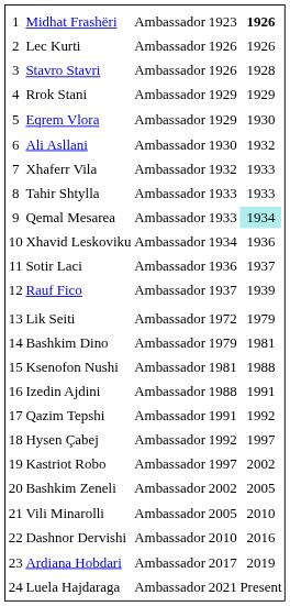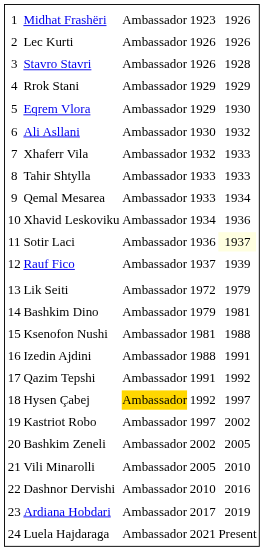 <table cellpadding="0" cellspacing="3" style="border:1px solid #000000; font-size:88%; line-height: 1.5em;">
 <tr>
 <td><strong></strong></td>
 <td><strong></strong></td>
 <td><strong></strong></td>
 <td colspan="2"></td>
 </tr>
 <tr>
 <td align=center>1</td>
 <td><a href='#'>Midhat Frashëri</a></td>
 <td>Ambassador</td>
 <td align=center>1923</td>
-<td align=center><strong>1926</strong></td>
+<td align=center>1926</td>
 </tr>
 <tr>
 <td align=center>2</td>
 <td>Lec Kurti</td>
 <td>Ambassador</td>
 <td align=center>1926</td>
 <td align=center>1926</td>
 </tr>
 <tr>
 <td align=center>3</td>
 <td><a href='#'>Stavro Stavri</a></td>
 <td>Ambassador</td>
 <td align=center>1926</td>
 <td align=center>1928</td>
 </tr>
 <tr>
 <td align=center>4</td>
 <td>Rrok Stani</td>
 <td>Ambassador</td>
 <td align=center>1929</td>
 <td align=center>1929</td>
 </tr>
 <tr>
 <td align=center>5</td>
 <td><a href='#'>Eqrem Vlora</a></td>
 <td>Ambassador</td>
 <td align=center>1929</td>
 <td align=center>1930</td>
 </tr>
 <tr>
 <td align=center>6</td>
 <td><a href='#'>Ali Asllani</a></td>
 <td>Ambassador</td>
 <td align=center>1930</td>
 <td align=center>1932</td>
 </tr>
 <tr>
 <td align=center>7</td>
 <td>Xhaferr Vila</td>
 <td>Ambassador</td>
 <td align=center>1932</td>
 <td align=center>1933</td>
 </tr>
 <tr>
 <td align=center>8</td>
 <td>Tahir Shtylla</td>
 <td>Ambassador</td>
 <td align=center>1933</td>
 <td align=center>1933</td>
 </tr>
 <tr>
 <td align=center>9</td>
 <td>Qemal Mesarea</td>
 <td>Ambassador</td>
 <td align=center>1933</td>
-<td align=center style="background: paleturquoise;">1934</td>
+<td align=center>1934</td>
 </tr>
 <tr>
 <td align=center>10</td>
 <td>Xhavid Leskoviku</td>
 <td>Ambassador</td>
 <td align=center>1934</td>
 <td align=center>1936</td>
 </tr>
 <tr>
 <td align=center>11</td>
 <td>Sotir Laci</td>
 <td>Ambassador</td>
 <td align=center>1936</td>
-<td align=center>1937</td>
+<td align=center style="background: lightyellow;">1937</td>
 </tr>
 <tr>
 <td align=center>12</td>
 <td><a href='#'>Rauf Fico</a></td>
 <td>Ambassador</td>
 <td align=center>1937</td>
 <td align=center>1939</td>
 </tr>
 <tr>
 <td colspan="8" align=center></td>
 </tr>
 <tr>
 <td align=center>13</td>
 <td>Lik Seiti</td>
 <td>Ambassador</td>
 <td align=center>1972</td>
 <td align=center>1979</td>
 </tr>
 <tr>
 <td align=center>14</td>
 <td>Bashkim Dino</td>
 <td>Ambassador</td>
 <td align=center>1979</td>
 <td align=center>1981</td>
 </tr>
 <tr>
 <td align=center>15</td>
 <td>Ksenofon Nushi</td>
 <td>Ambassador</td>
 <td align=center>1981</td>
 <td align=center>1988</td>
 </tr>
 <tr>
 <td align=center>16</td>
 <td>Izedin Ajdini</td>
 <td>Ambassador</td>
 <td align=center>1988</td>
 <td align=center>1991</td>
 </tr>
 <tr>
 <td align=center>17</td>
 <td>Qazim Tepshi</td>
 <td>Ambassador</td>
 <td align=center>1991</td>
 <td align=center>1992</td>
 </tr>
 <tr>
 <td align=center>18</td>
 <td>Hysen Çabej</td>
-<td>Ambassador</td>
+<td style="background: gold;">Ambassador</td>
 <td align=center>1992</td>
 <td align=center>1997</td>
 </tr>
 <tr>
 <td align=center>19</td>
 <td>Kastriot Robo</td>
 <td>Ambassador</td>
 <td align=center>1997</td>
 <td align=center>2002</td>
 </tr>
 <tr>
 <td align=center>20</td>
 <td>Bashkim Zeneli</td>
 <td>Ambassador</td>
 <td align=center>2002</td>
 <td align=center>2005</td>
 </tr>
 <tr>
 <td align=center>21</td>
 <td>Vili Minarolli</td>
 <td>Ambassador</td>
 <td align=center>2005</td>
 <td align=center>2010</td>
 </tr>
 <tr>
 <td align=center>22</td>
 <td>Dashnor Dervishi</td>
 <td>Ambassador</td>
 <td align=center>2010</td>
 <td align=center>2016</td>
 </tr>
 <tr>
 <td align=center>23</td>
 <td><a href='#'>Ardiana Hobdari</a></td>
 <td>Ambassador</td>
 <td align=center>2017</td>
 <td align=center>2019</td>
 </tr>
 <tr>
 <td>24</td>
 <td>Luela Hajdaraga</td>
 <td>Ambassador</td>
 <td>2021</td>
 <td>Present</td>
 </tr>
 </table>
